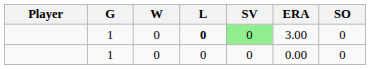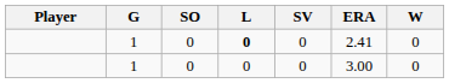 <table class="wikitable sortable">
 <tr>
 <th bgcolor="#DDDDFF" width="16%">Player</th>
 <th bgcolor="#DDDDFF" width="9%">G</th>
-<th bgcolor="#DDDDFF" width="9%">W</th>
+<th bgcolor="#DDDDFF" width="9%">SO</th>
 <th bgcolor="#DDDDFF" width="9%">L</th>
 <th bgcolor="#DDDDFF" width="9%">SV</th>
 <th bgcolor="#DDDDFF" width="9%">ERA</th>
-<th bgcolor="#DDDDFF" width="9%">SO</th>
+<th bgcolor="#DDDDFF" width="9%">W</th>
 </tr>
 <tr align="center">
 <td></td>
 <td>1</td>
 <td>0</td>
 <td><strong>0</strong></td>
-<td style="background: lightgreen;">0</td>
-<td>3.00</td>
+<td>0</td>
+<td>2.41</td>
 <td>0</td>
 </tr>
 <tr align="center">
 <td></td>
 <td>1</td>
 <td>0</td>
 <td>0</td>
 <td>0</td>
-<td>0.00</td>
+<td>3.00</td>
 <td>0</td>
 </tr>
 </table>
